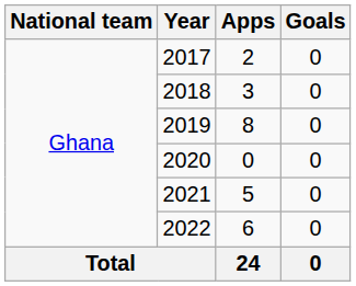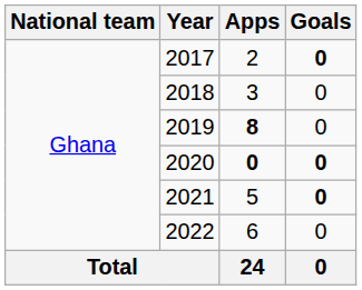 <table class=wikitable style=text-align:center>
 <tr>
 <th>National team</th>
 <th>Year</th>
 <th>Apps</th>
 <th>Goals</th>
 </tr>
 <tr>
 <td rowspan=6><a href='#'>Ghana</a></td>
 <td>2017</td>
 <td>2</td>
-<td>0</td>
+<td><strong>0</strong></td>
 </tr>
 <tr>
 <td>2018</td>
 <td>3</td>
 <td>0</td>
 </tr>
 <tr>
 <td>2019</td>
-<td>8</td>
+<td><strong>8</strong></td>
 <td>0</td>
 </tr>
 <tr>
 <td>2020</td>
-<td>0</td>
-<td>0</td>
+<td><strong>0</strong></td>
+<td><strong>0</strong></td>
 </tr>
 <tr>
 <td>2021</td>
 <td>5</td>
-<td>0</td>
+<td><strong>0</strong></td>
 </tr>
 <tr>
 <td>2022</td>
 <td>6</td>
 <td>0</td>
 </tr>
 <tr>
 <th colspan=2>Total</th>
 <th>24</th>
 <th>0</th>
 </tr>
 </table>
